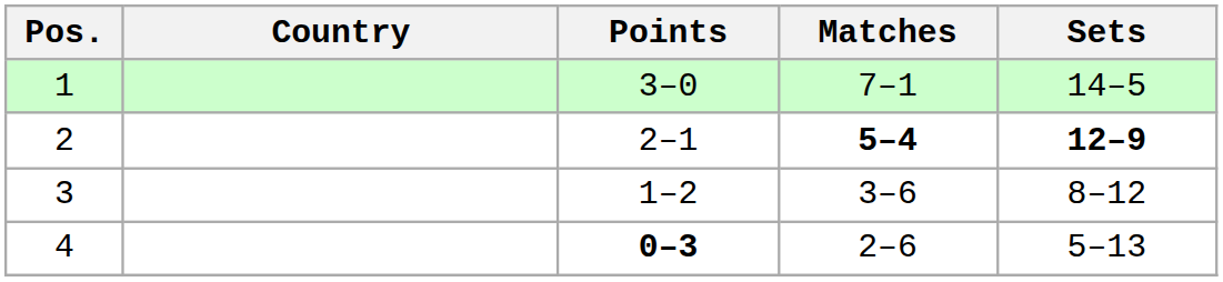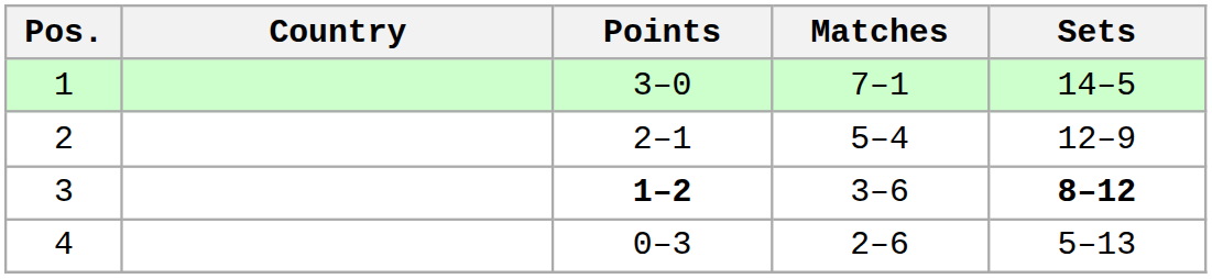 <table class="wikitable" style="text-align:center;">
 <tr>
 <th width=40>Pos.</th>
 <th width=165>Country</th>
 <th width=80>Points</th>
 <th width=80>Matches</th>
 <th width=80>Sets</th>
 </tr>
 <tr style="background:#ccffcc;">
 <td>1</td>
 <td style="text-align:left;"></td>
 <td>3–0</td>
 <td>7–1</td>
 <td>14–5</td>
 </tr>
 <tr style="background:#ffffff;">
 <td>2</td>
 <td style="text-align:left;"></td>
 <td>2–1</td>
-<td><strong>5–4</strong></td>
-<td><strong>12–9</strong></td>
+<td>5–4</td>
+<td>12–9</td>
 </tr>
 <tr style="background:#ffffff;">
 <td>3</td>
 <td style="text-align:left;"></td>
-<td>1–2</td>
+<td><strong>1–2</strong></td>
 <td>3–6</td>
-<td>8–12</td>
+<td><strong>8–12</strong></td>
 </tr>
 <tr style="background:#ffffff;">
 <td>4</td>
 <td style="text-align:left;"></td>
-<td><strong>0–3</strong></td>
+<td>0–3</td>
 <td>2–6</td>
 <td>5–13</td>
 </tr>
 <tr style="background:#ffffff;">
 </tr>
 </table>
